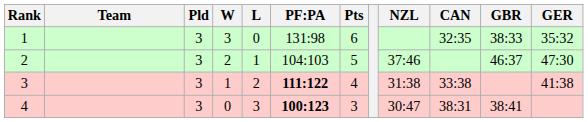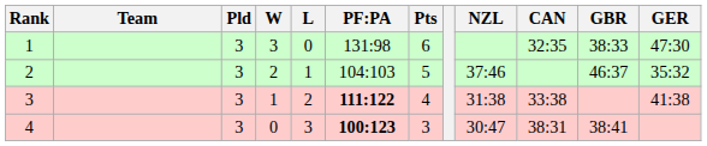 <table class="wikitable" style="text-align:center;">
 <tr>
 <th width=25>Rank</th>
 <th width=150>Team</th>
 <th width=25>Pld</th>
 <th width=25>W</th>
 <th width=25>L</th>
 <th width=70>PF:PA</th>
 <th width=25>Pts</th>
 <th rowspan="5"> </th>
 <th width=50>NZL</th>
 <th width=50>CAN</th>
 <th width=50>GBR</th>
 <th width=50>GER</th>
 </tr>
 <tr style="background:#ccffcc;">
 <td>1</td>
 <td align=left></td>
 <td>3</td>
 <td>3</td>
 <td>0</td>
 <td>131:98</td>
 <td>6</td>
 <td></td>
 <td>32:35</td>
 <td>38:33</td>
-<td>35:32</td>
+<td>47:30</td>
 </tr>
 <tr style="background:#ccffcc;">
 <td>2</td>
 <td align=left></td>
 <td>3</td>
 <td>2</td>
 <td>1</td>
 <td>104:103</td>
 <td>5</td>
 <td>37:46</td>
 <td></td>
 <td>46:37</td>
-<td>47:30</td>
+<td>35:32</td>
 </tr>
 <tr style="background:#ffcccc;">
 <td>3</td>
 <td align=left></td>
 <td>3</td>
 <td>1</td>
 <td>2</td>
 <td><strong>111:122</strong></td>
 <td>4</td>
 <td>31:38</td>
 <td>33:38</td>
 <td></td>
 <td>41:38</td>
 </tr>
 <tr style="background:#ffcccc;">
 <td>4</td>
 <td align=left></td>
 <td>3</td>
 <td>0</td>
 <td>3</td>
 <td><strong>100:123</strong></td>
 <td>3</td>
 <td>30:47</td>
 <td>38:31</td>
 <td>38:41</td>
 <td></td>
 </tr>
 </table>
